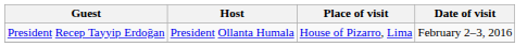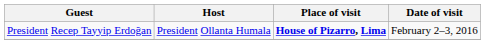 <table class="wikitable" border="1">
 <tr>
 <th>Guest</th>
 <th>Host</th>
 <th>Place of visit</th>
 <th>Date of visit</th>
 </tr>
 <tr>
 <td> <a href='#'>President</a> <a href='#'>Recep Tayyip Erdoğan</a></td>
 <td> <a href='#'>President</a> <a href='#'>Ollanta Humala</a></td>
-<td><a href='#'>House of Pizarro</a>, <a href='#'>Lima</a></td>
+<td><strong><a href='#'>House of Pizarro</a>, <a href='#'>Lima</a></strong></td>
 <td>February 2–3, 2016</td>
 </tr>
 <tr>
 </tr>
 </table>
